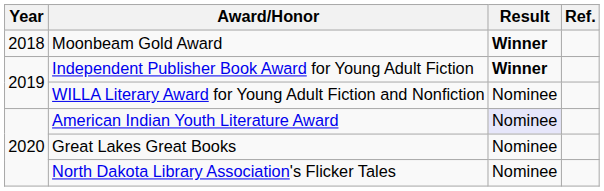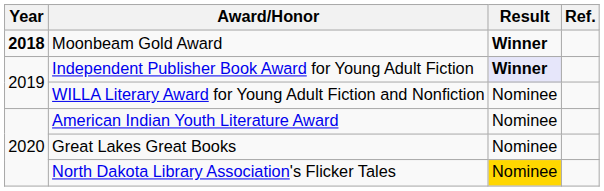 <table class="wikitable sortable">
 <tr>
 <th>Year</th>
 <th>Award/Honor</th>
 <th>Result</th>
 <th>Ref.</th>
 </tr>
 <tr>
-<td>2018</td>
+<td><strong>2018</strong></td>
 <td>Moonbeam Gold Award</td>
 <td><strong>Winner</strong></td>
 <td></td>
 </tr>
 <tr>
 <td rowspan="2">2019</td>
 <td><a href='#'>Independent Publisher Book Award</a> for Young Adult Fiction</td>
-<td><strong>Winner</strong></td>
+<td style="background: lavender;"><strong>Winner</strong></td>
 <td></td>
 </tr>
 <tr>
 <td><a href='#'>WILLA Literary Award</a> for Young Adult Fiction and Nonfiction</td>
 <td>Nominee</td>
 <td></td>
 </tr>
 <tr>
 <td rowspan="3">2020</td>
 <td><a href='#'>American Indian Youth Literature Award</a></td>
-<td style="background: lavender;">Nominee</td>
+<td>Nominee</td>
 <td></td>
 </tr>
 <tr>
 <td>Great Lakes Great Books</td>
 <td>Nominee</td>
 <td></td>
 </tr>
 <tr>
 <td><a href='#'>North Dakota Library Association</a>'s Flicker Tales</td>
-<td>Nominee</td>
+<td style="background: gold;">Nominee</td>
 <td></td>
 </tr>
 </table>
